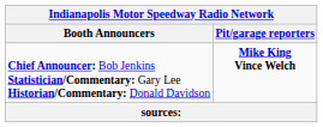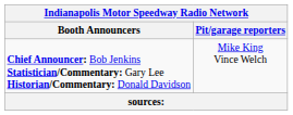 <table class="wikitable" style="font-size: 95%">
 <tr>
 <th colspan=3><a href='#'>Indianapolis Motor Speedway Radio Network</a></th>
 </tr>
 <tr>
 <th>Booth Announcers</th>
 <th><a href='#'>Pit/garage reporters</a></th>
 </tr>
 <tr>
 <td valign="top"><br><strong><a href='#'>Chief Announcer</a>: </strong><a href='#'>Bob Jenkins</a><br> <strong><a href='#'>Statistician</a>/Commentary: </strong>Gary Lee<br> <strong><a href='#'>Historian</a>/Commentary: </strong><a href='#'>Donald Davidson</a><br></td>
-<td align="center" valign="top"><strong><a href='#'>Mike King</a><br>Vince Welch</strong></td>
+<td align="center" valign="top"><a href='#'>Mike King</a><br>Vince Welch</td>
 </tr>
 <tr>
 <th colspan=2>sources:</th>
 </tr>
 </table>
